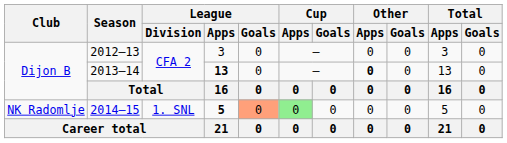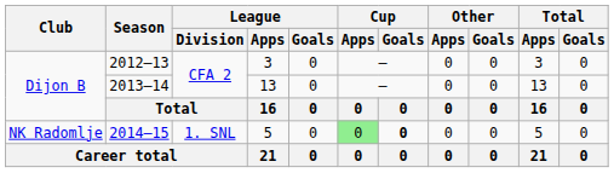 <table class="wikitable" style="text-align:center">
 <tr>
 <th rowspan="2">Club</th>
 <th rowspan="2">Season</th>
 <th colspan="3">League</th>
 <th colspan="2">Cup</th>
 <th colspan="2">Other</th>
 <th colspan="2">Total</th>
 </tr>
 <tr>
 <th>Division</th>
 <th>Apps</th>
 <th>Goals</th>
 <th>Apps</th>
 <th>Goals</th>
 <th>Apps</th>
 <th>Goals</th>
 <th>Apps</th>
 <th>Goals</th>
 </tr>
 <tr>
 <td rowspan="3"><a href='#'>Dijon B</a></td>
 <td>2012–13</td>
 <td rowspan="2"><a href='#'>CFA 2</a></td>
 <td>3</td>
 <td>0</td>
 <td colspan="2">–</td>
 <td>0</td>
 <td>0</td>
 <td>3</td>
 <td>0</td>
 </tr>
 <tr>
 <td>2013–14</td>
-<td><strong>13</strong></td>
+<td>13</td>
 <td>0</td>
 <td colspan="2">–</td>
-<td><strong>0</strong></td>
+<td>0</td>
 <td>0</td>
 <td>13</td>
 <td>0</td>
 </tr>
 <tr>
 <th colspan="2">Total</th>
 <th>16</th>
 <th>0</th>
 <th>0</th>
 <th>0</th>
 <th>0</th>
 <th>0</th>
 <th>16</th>
 <th>0</th>
 </tr>
 <tr>
 <td><a href='#'>NK Radomlje</a></td>
 <td><a href='#'>2014–15</a></td>
 <td><a href='#'>1. SNL</a></td>
-<td><strong>5</strong></td>
-<td style="background: lightsalmon;">0</td>
+<td>5</td>
+<td>0</td>
 <td style="background: lightgreen;">0</td>
-<td>0</td>
+<td><strong>0</strong></td>
 <td>0</td>
 <td>0</td>
 <td>5</td>
 <td>0</td>
 </tr>
 <tr>
 <th colspan="3">Career total</th>
 <th>21</th>
 <th>0</th>
 <th>0</th>
 <th>0</th>
 <th>0</th>
 <th>0</th>
 <th>21</th>
 <th>0</th>
 </tr>
 </table>
